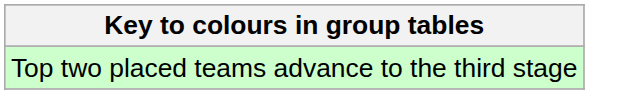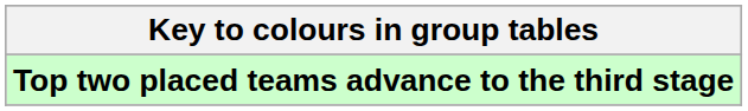 <table class="wikitable">
 <tr>
 <th>Key to colours in group tables</th>
 </tr>
 <tr bgcolor=#ccffcc>
-<td>Top two placed teams advance to the third stage</td>
+<td><strong>Top two placed teams advance to the third stage</strong></td>
 </tr>
 </table>
